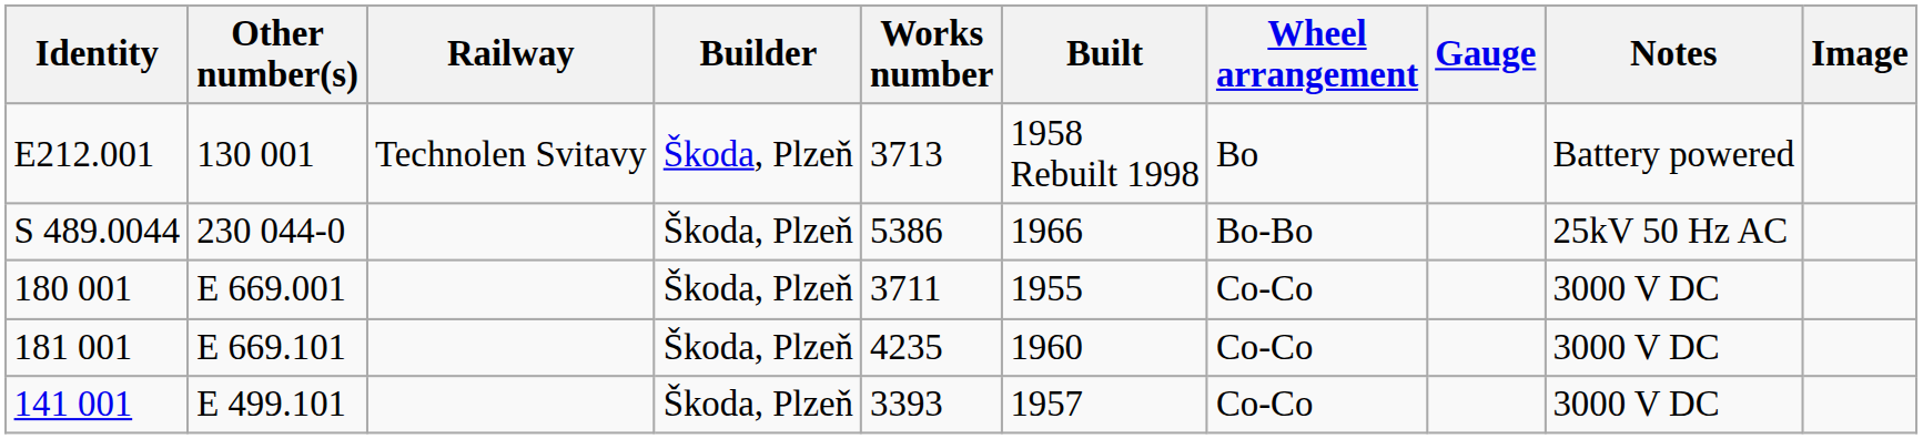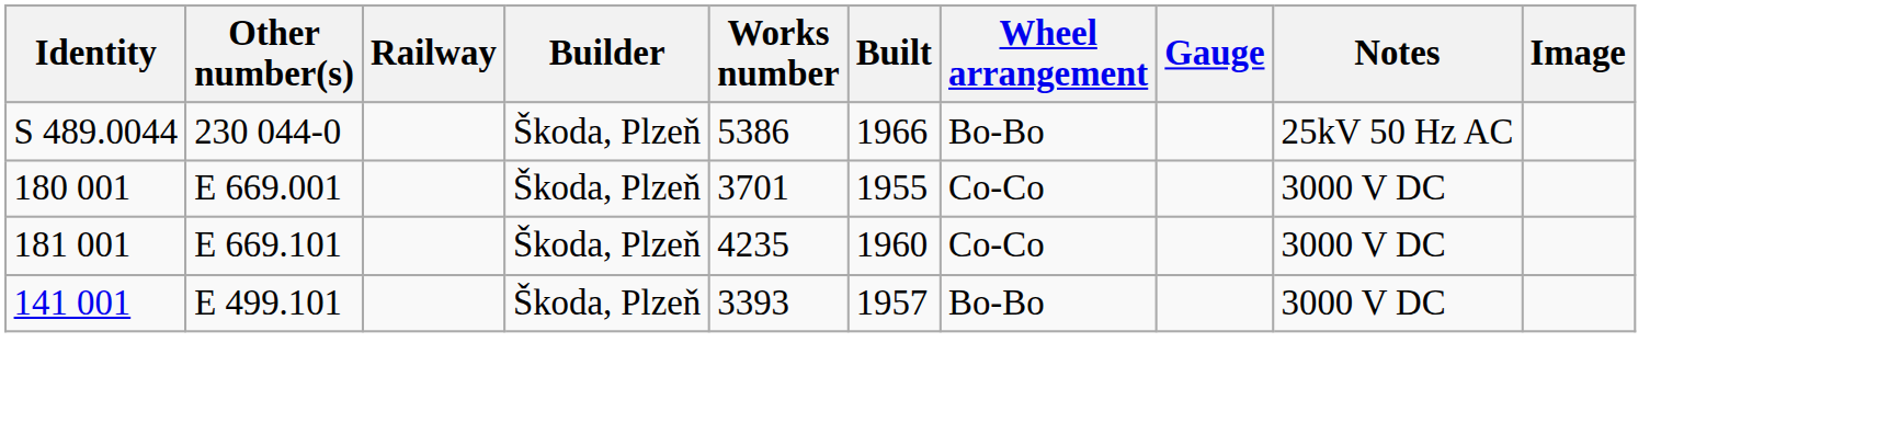 <table class="wikitable sortable">
 <tr>
 <th>Identity</th>
 <th>Other<br>number(s)</th>
 <th>Railway</th>
 <th>Builder</th>
 <th>Works<br>number</th>
 <th>Built</th>
 <th><a href='#'>Wheel<br>arrange­ment</a></th>
 <th scope="col" width="5px"><a href='#'>Gauge</a></th>
 <th>Notes</th>
 <th>Image</th>
-</tr>
-<tr>
-<td>E212.001</td>
-<td>130 001</td>
-<td>Technolen Svitavy</td>
-<td><a href='#'>Škoda</a>, Plzeň</td>
-<td>3713</td>
-<td>1958<br>Rebuilt 1998</td>
-<td>Bo</td>
-<td></td>
-<td>Battery powered</td>
-<td></td>
 </tr>
 <tr>
 <td>S 489.0044</td>
 <td>230 044-0</td>
 <td></td>
 <td>Škoda, Plzeň</td>
 <td>5386</td>
 <td>1966</td>
 <td>Bo-Bo</td>
 <td></td>
 <td>25kV 50 Hz AC </td>
 <td></td>
 </tr>
 <tr>
 <td>180 001</td>
 <td>E 669.001</td>
 <td></td>
 <td>Škoda, Plzeň</td>
-<td>3711</td>
+<td>3701</td>
 <td>1955</td>
 <td>Co-Co</td>
 <td></td>
 <td>3000 V DC </td>
 <td></td>
 </tr>
 <tr>
 <td>181 001</td>
 <td>E 669.101</td>
 <td></td>
 <td>Škoda, Plzeň</td>
 <td>4235</td>
 <td>1960</td>
 <td>Co-Co</td>
 <td></td>
 <td>3000 V DC </td>
 <td></td>
 </tr>
 <tr>
 <td><a href='#'>141 001</a></td>
 <td>E 499.101</td>
 <td></td>
 <td>Škoda, Plzeň</td>
 <td>3393</td>
 <td>1957</td>
-<td>Co-Co</td>
+<td>Bo-Bo</td>
 <td></td>
 <td>3000 V DC </td>
 <td></td>
 </tr>
 </table>
